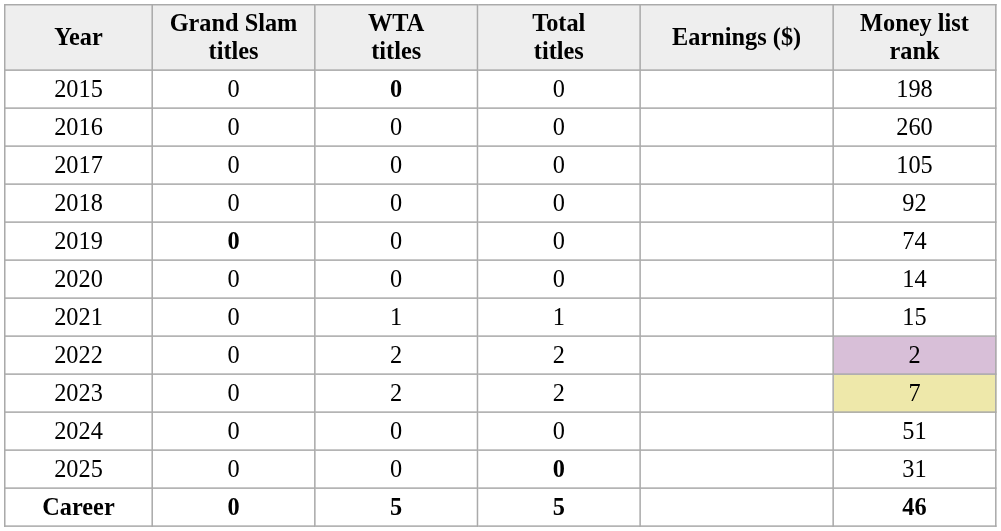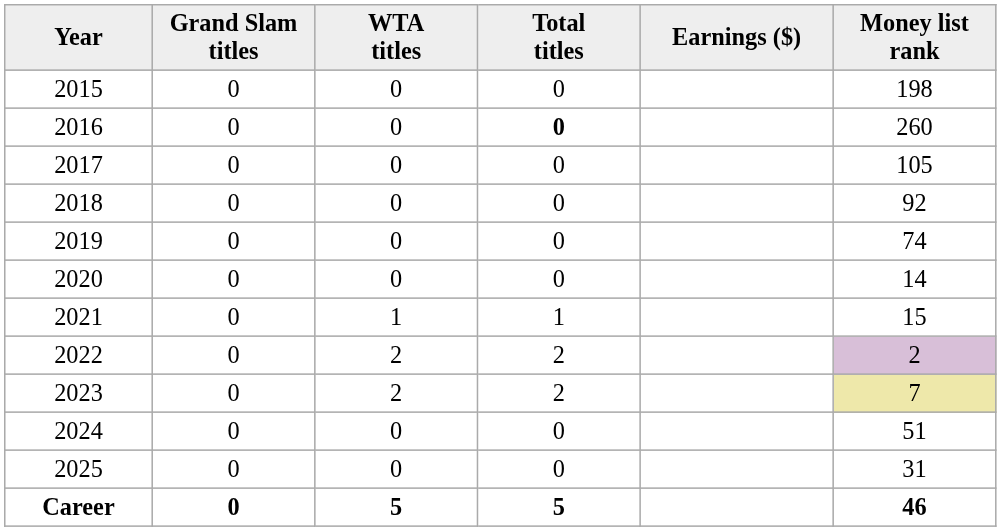 <table cellpadding=3 cellspacing=0 border=1 style=border:#aaa;solid:1px;border-collapse:collapse;text-align:center;>
 <tr style=background:#eee;font-weight:bold>
 <td width="90">Year</td>
 <td width="100">Grand Slam <br>titles</td>
 <td width="100">WTA <br>titles</td>
 <td width="100">Total <br>titles</td>
 <td width="120">Earnings ($)</td>
 <td width="100">Money list rank</td>
 </tr>
 <tr>
 <td>2015</td>
 <td>0</td>
-<td><strong>0</strong></td>
+<td>0</td>
 <td>0</td>
 <td style=text-align:right></td>
 <td>198</td>
 </tr>
 <tr>
 <td>2016</td>
 <td>0</td>
 <td>0</td>
-<td>0</td>
+<td><strong>0</strong></td>
 <td style=text-align:right></td>
 <td>260</td>
 </tr>
 <tr>
 <td>2017</td>
 <td>0</td>
 <td>0</td>
 <td>0</td>
 <td style=text-align:right></td>
 <td>105</td>
 </tr>
 <tr>
 <td>2018</td>
 <td>0</td>
 <td>0</td>
 <td>0</td>
 <td style=text-align:right></td>
 <td>92</td>
 </tr>
 <tr>
 <td>2019</td>
-<td><strong>0</strong></td>
+<td>0</td>
 <td>0</td>
 <td>0</td>
 <td style=text-align:right></td>
 <td>74</td>
 </tr>
 <tr>
 <td>2020</td>
 <td>0</td>
 <td>0</td>
 <td>0</td>
 <td style=text-align:right></td>
 <td>14</td>
 </tr>
 <tr>
 <td>2021</td>
 <td>0</td>
 <td>1</td>
 <td>1</td>
 <td style=text-align:right></td>
 <td>15</td>
 </tr>
 <tr>
 <td>2022</td>
 <td>0</td>
 <td>2</td>
 <td>2</td>
 <td align=right></td>
 <td bgcolor=thistle>2</td>
 </tr>
 <tr>
 <td>2023</td>
 <td>0</td>
 <td>2</td>
 <td>2</td>
 <td align=right></td>
 <td bgcolor=eee8aa>7</td>
 </tr>
 <tr>
 <td>2024</td>
 <td>0</td>
 <td>0</td>
 <td>0</td>
 <td align=right></td>
 <td>51</td>
 </tr>
 <tr>
 <td>2025</td>
 <td>0</td>
 <td>0</td>
-<td><strong>0</strong></td>
+<td>0</td>
 <td align=right></td>
 <td>31</td>
 </tr>
 <tr style="font-weight:bold">
 <td>Career</td>
 <td>0</td>
 <td>5</td>
 <td>5</td>
 <td style="text-align:right"></td>
 <td>46</td>
 </tr>
 </table>
